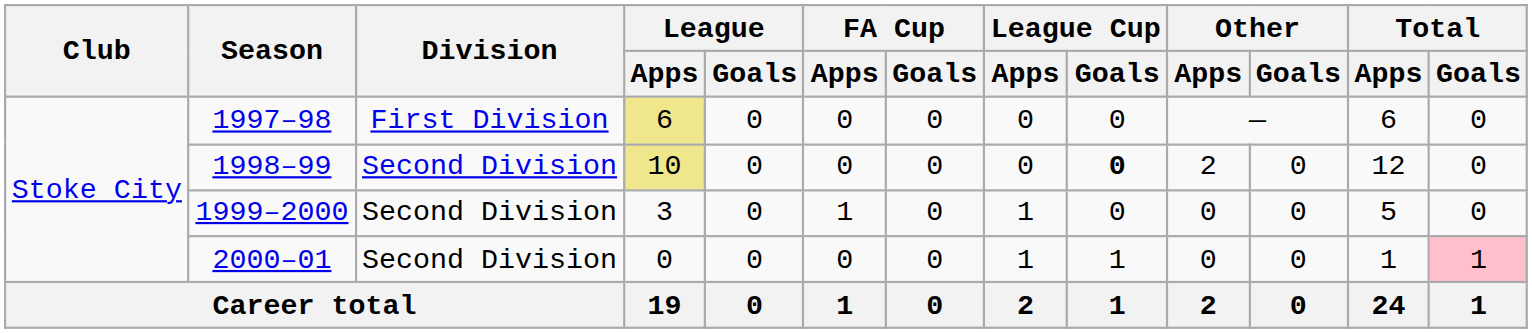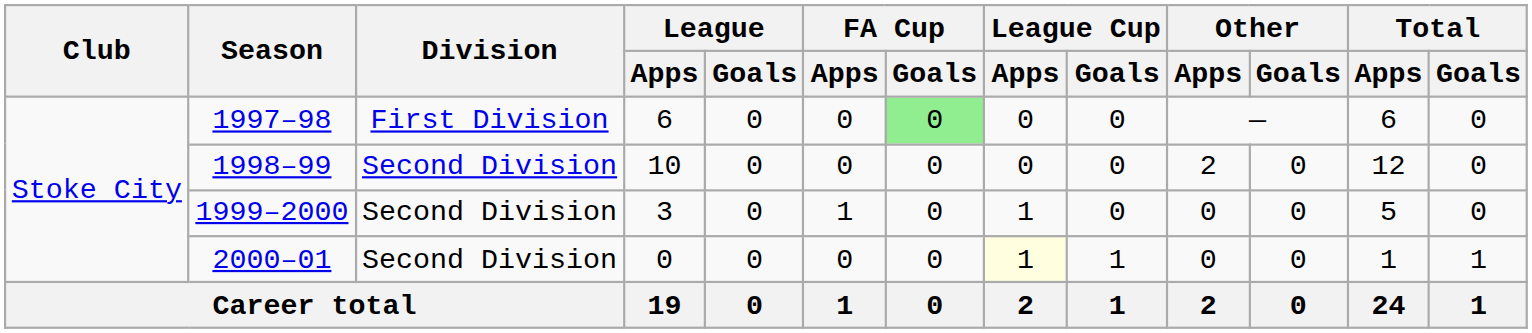 <table class="wikitable" style="text-align: center;">
 <tr>
 <th rowspan="2">Club</th>
 <th rowspan="2">Season</th>
 <th rowspan="2">Division</th>
 <th colspan="2">League</th>
 <th colspan="2">FA Cup</th>
 <th colspan="2">League Cup</th>
 <th colspan="2">Other</th>
 <th colspan="2">Total</th>
 </tr>
 <tr>
 <th>Apps</th>
 <th>Goals</th>
 <th>Apps</th>
 <th>Goals</th>
 <th>Apps</th>
 <th>Goals</th>
 <th>Apps</th>
 <th>Goals</th>
 <th>Apps</th>
 <th>Goals</th>
 </tr>
 <tr>
 <td rowspan="4"><a href='#'>Stoke City</a></td>
 <td><a href='#'>1997–98</a></td>
 <td><a href='#'>First Division</a></td>
-<td style="background: khaki;">6</td>
+<td>6</td>
 <td>0</td>
 <td>0</td>
-<td>0</td>
+<td style="background: lightgreen;">0</td>
 <td>0</td>
 <td>0</td>
 <td colspan=2>—</td>
 <td>6</td>
 <td>0</td>
 </tr>
 <tr>
 <td><a href='#'>1998–99</a></td>
 <td><a href='#'>Second Division</a></td>
-<td style="background: khaki;">10</td>
+<td>10</td>
 <td>0</td>
 <td>0</td>
 <td>0</td>
 <td>0</td>
-<td><strong>0</strong></td>
+<td>0</td>
 <td>2</td>
 <td>0</td>
 <td>12</td>
 <td>0</td>
 </tr>
 <tr>
 <td><a href='#'>1999–2000</a></td>
 <td>Second Division</td>
 <td>3</td>
 <td>0</td>
 <td>1</td>
 <td>0</td>
 <td>1</td>
 <td>0</td>
 <td>0</td>
 <td>0</td>
 <td>5</td>
 <td>0</td>
 </tr>
 <tr>
 <td><a href='#'>2000–01</a></td>
 <td>Second Division</td>
 <td>0</td>
 <td>0</td>
 <td>0</td>
 <td>0</td>
-<td>1</td>
+<td style="background: lightyellow;">1</td>
 <td>1</td>
 <td>0</td>
 <td>0</td>
 <td>1</td>
-<td style="background: pink;">1</td>
+<td>1</td>
 </tr>
 <tr>
 <th colspan="3">Career total</th>
 <th>19</th>
 <th>0</th>
 <th>1</th>
 <th>0</th>
 <th>2</th>
 <th>1</th>
 <th>2</th>
 <th>0</th>
 <th>24</th>
 <th>1</th>
 </tr>
 </table>
